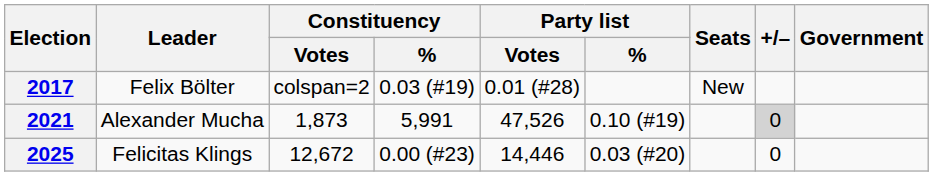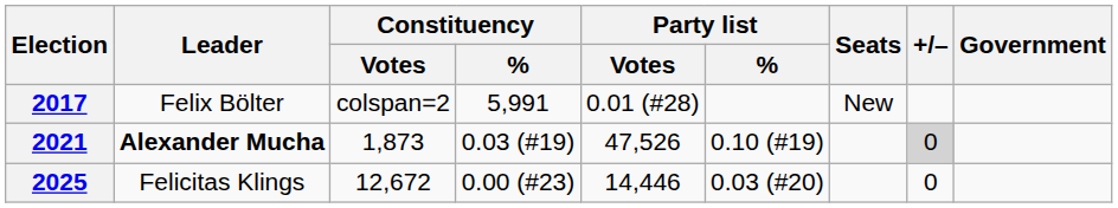 <table class="wikitable unsortable" style="text-align:center;">
 <tr>
 <th rowspan="2">Election</th>
 <th rowspan="2">Leader</th>
 <th colspan="2">Constituency</th>
 <th colspan="2">Party list</th>
 <th rowspan="2">Seats</th>
 <th rowspan="2">+/–</th>
 <th rowspan="2">Government</th>
 </tr>
 <tr>
 <th>Votes</th>
 <th>%</th>
 <th>Votes</th>
 <th>%</th>
 </tr>
 <tr>
 <th><a href='#'>2017</a></th>
 <td>Felix Bölter</td>
 <td>colspan=2 </td>
-<td>0.03 (#19)</td>
+<td>5,991</td>
 <td>0.01 (#28)</td>
 <td></td>
 <td>New</td>
 <td></td>
 </tr>
 <tr>
 <th><a href='#'>2021</a></th>
-<td>Alexander Mucha</td>
+<td><strong>Alexander Mucha</strong></td>
 <td>1,873</td>
-<td>5,991</td>
+<td>0.03 (#19)</td>
 <td>47,526</td>
 <td>0.10 (#19)</td>
 <td></td>
 <td style="background: lightgrey;"> 0</td>
 <td></td>
 </tr>
 <tr>
 <th><a href='#'>2025</a></th>
 <td>Felicitas Klings</td>
 <td>12,672</td>
 <td>0.00 (#23)</td>
 <td>14,446</td>
 <td>0.03 (#20)</td>
 <td></td>
 <td> 0</td>
 <td></td>
 </tr>
 </table>
